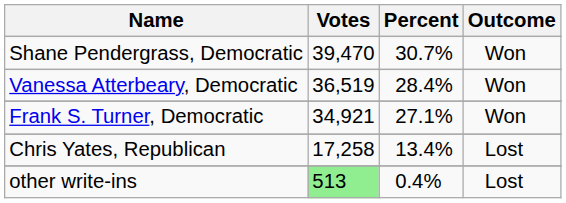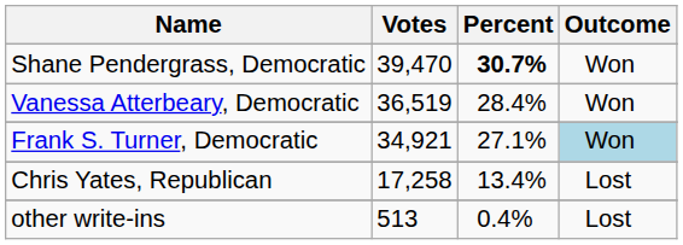 <table class="wikitable">
 <tr>
 <th>Name</th>
 <th>Votes</th>
 <th>Percent</th>
 <th>Outcome</th>
 </tr>
 <tr>
 </tr>
 <tr>
 <td>Shane Pendergrass, Democratic</td>
 <td>39,470</td>
-<td>  30.7%</td>
+<td><strong>  30.7%</strong></td>
 <td>   Won</td>
 </tr>
 <tr>
 </tr>
 <tr>
 <td><a href='#'>Vanessa Atterbeary</a>, Democratic</td>
 <td>36,519</td>
 <td>  28.4%</td>
 <td>   Won</td>
 </tr>
 <tr>
 </tr>
 <tr>
 <td><a href='#'>Frank S. Turner</a>, Democratic</td>
 <td>34,921</td>
 <td>  27.1%</td>
-<td>   Won</td>
+<td style="background: lightblue;">   Won</td>
 </tr>
 <tr>
 </tr>
 <tr>
 <td>Chris Yates, Republican</td>
 <td>17,258</td>
 <td>  13.4%</td>
 <td>   Lost</td>
 </tr>
 <tr>
 </tr>
 <tr>
 </tr>
 <tr>
 </tr>
 <tr>
 <td>other write-ins</td>
-<td style="background: lightgreen;">513</td>
+<td>513</td>
 <td>  0.4%</td>
 <td>   Lost</td>
 </tr>
 </table>
